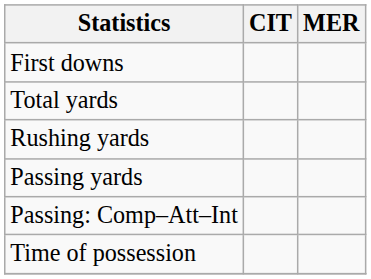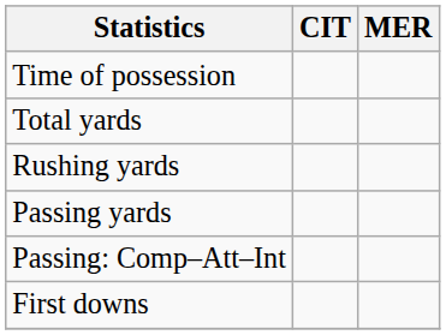 <table class="wikitable" style="float: left;">
 <tr>
 <th>Statistics</th>
 <th>CIT</th>
 <th>MER</th>
 </tr>
 <tr>
-<td>First downs</td>
+<td>Time of possession</td>
 <td></td>
 <td></td>
 </tr>
 <tr>
 <td>Total yards</td>
 <td></td>
 <td></td>
 </tr>
 <tr>
 <td>Rushing yards</td>
 <td></td>
 <td></td>
 </tr>
 <tr>
 <td>Passing yards</td>
 <td></td>
 <td></td>
 </tr>
 <tr>
 <td>Passing: Comp–Att–Int</td>
 <td></td>
 <td></td>
 </tr>
 <tr>
-<td>Time of possession</td>
+<td>First downs</td>
 <td></td>
 <td></td>
 </tr>
 <tr>
 </tr>
 </table>
